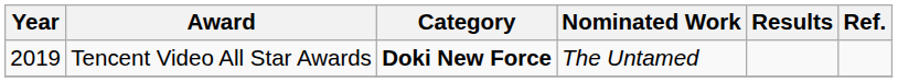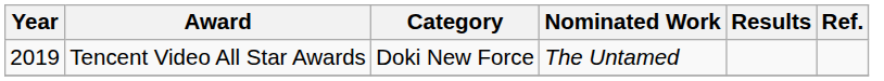 <table class="wikitable">
 <tr>
 <th>Year</th>
 <th>Award</th>
 <th>Category</th>
 <th>Nominated Work</th>
 <th>Results</th>
 <th>Ref.</th>
 </tr>
 <tr>
 <td>2019</td>
 <td>Tencent Video All Star Awards</td>
-<td><strong>Doki New Force</strong></td>
+<td>Doki New Force</td>
 <td><em>The Untamed</em></td>
 <td></td>
 <td rowspan=1></td>
 </tr>
 <tr>
 </tr>
 </table>
